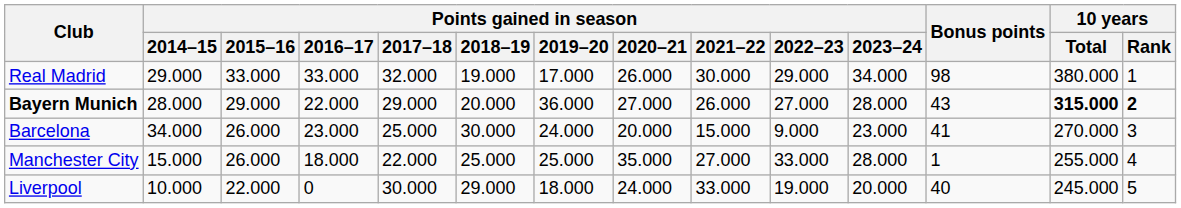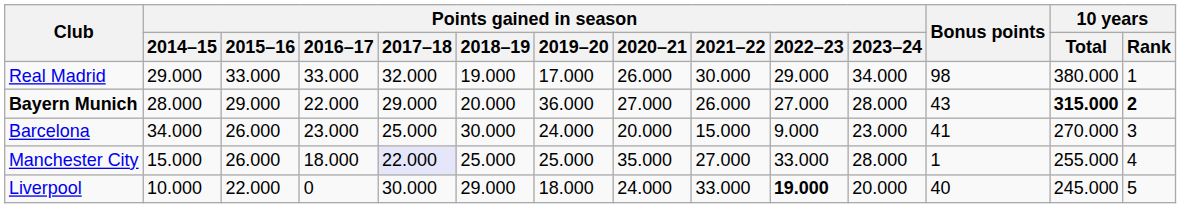 <table class="wikitable sortable" style="font-size:85%">
 <tr>
 <th scope="col" rowspan="2">Club</th>
 <th scope="col" colspan=10>Points gained in season</th>
 <th scope="col" rowspan="2">Bonus points</th>
 <th scope="col" colspan=2>10 years</th>
 </tr>
 <tr>
 <th>2014–15</th>
 <th>2015–16</th>
 <th>2016–17</th>
 <th>2017–18</th>
 <th>2018–19</th>
 <th>2019–20</th>
 <th>2020–21</th>
 <th>2021–22</th>
 <th>2022–23</th>
 <th>2023–24</th>
 <th>Total</th>
 <th>Rank</th>
 </tr>
 <tr>
 <td scope="row"> <a href='#'>Real Madrid</a></td>
 <td>29.000</td>
 <td>33.000</td>
 <td>33.000</td>
 <td>32.000</td>
 <td>19.000</td>
 <td>17.000</td>
 <td>26.000</td>
 <td>30.000</td>
 <td>29.000</td>
 <td>34.000</td>
 <td>98</td>
 <td>380.000</td>
 <td>1</td>
 </tr>
 <tr>
 <td scope="row"> <strong>Bayern Munich</strong></td>
 <td>28.000</td>
 <td>29.000</td>
 <td>22.000</td>
 <td>29.000</td>
 <td>20.000</td>
 <td>36.000</td>
 <td>27.000</td>
 <td>26.000</td>
 <td>27.000</td>
 <td>28.000</td>
 <td>43</td>
 <td><strong>315.000</strong></td>
 <td><strong>2</strong></td>
 </tr>
 <tr>
 <td scope="row"> <a href='#'>Barcelona</a></td>
 <td>34.000</td>
 <td>26.000</td>
 <td>23.000</td>
 <td>25.000</td>
 <td>30.000</td>
 <td>24.000</td>
 <td>20.000</td>
 <td>15.000</td>
 <td>9.000</td>
 <td>23.000</td>
 <td>41</td>
 <td>270.000</td>
 <td>3</td>
 </tr>
 <tr>
 <td scope="row"> <a href='#'>Manchester City</a></td>
 <td>15.000</td>
 <td>26.000</td>
 <td>18.000</td>
-<td>22.000</td>
+<td style="background: lavender;">22.000</td>
 <td>25.000</td>
 <td>25.000</td>
 <td>35.000</td>
 <td>27.000</td>
 <td>33.000</td>
 <td>28.000</td>
 <td>1</td>
 <td>255.000</td>
 <td>4</td>
 </tr>
 <tr>
 <td scope="row"> <a href='#'>Liverpool</a></td>
 <td>10.000</td>
 <td>22.000</td>
 <td>0</td>
 <td>30.000</td>
 <td>29.000</td>
 <td>18.000</td>
 <td>24.000</td>
 <td>33.000</td>
-<td>19.000</td>
+<td><strong>19.000</strong></td>
 <td>20.000</td>
 <td>40</td>
 <td>245.000</td>
 <td>5</td>
 </tr>
 </table>
